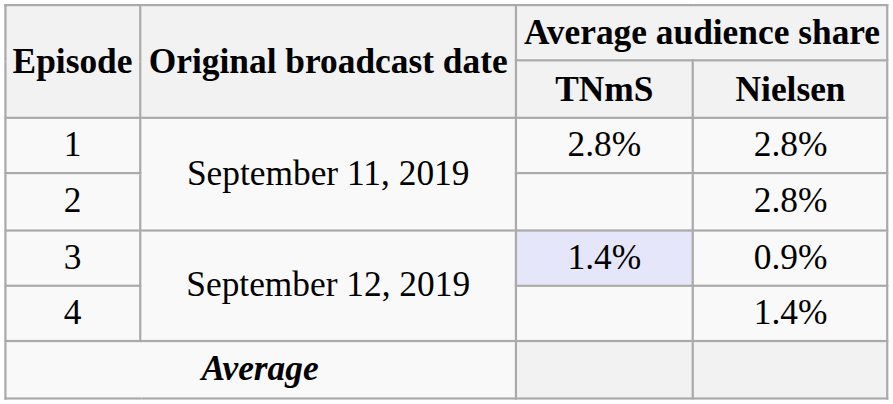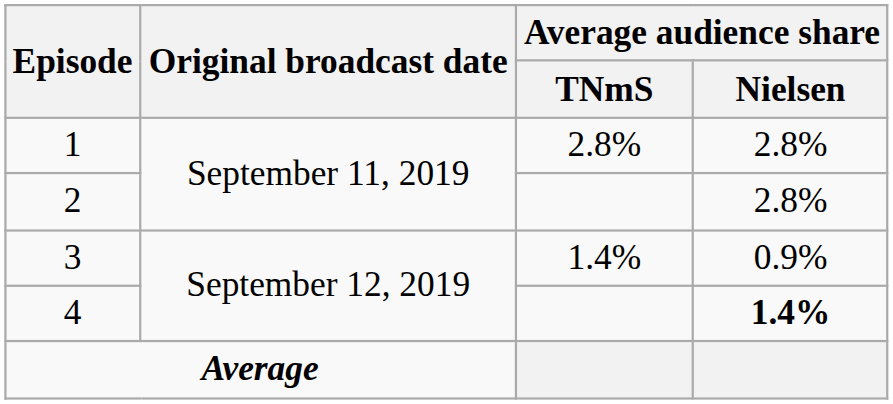 <table class="wikitable" style="text-align:center; margin-left: auto; margin-right: auto; border: none;">
 <tr>
 <th rowspan="2">Episode</th>
 <th rowspan="2">Original broadcast date</th>
 <th colspan="2">Average audience share</th>
 </tr>
 <tr>
 <th>TNmS</th>
 <th>Nielsen</th>
 </tr>
 <tr>
 <td>1</td>
 <td rowspan="2">September 11, 2019</td>
 <td>2.8%</td>
 <td>2.8%</td>
 </tr>
 <tr>
 <td>2</td>
 <td></td>
 <td>2.8%</td>
 </tr>
 <tr>
 <td>3</td>
 <td rowspan="2">September 12, 2019</td>
-<td style="background: lavender;">1.4%</td>
+<td>1.4%</td>
 <td>0.9%</td>
 </tr>
 <tr>
 <td>4</td>
 <td></td>
-<td>1.4%</td>
+<td><strong>1.4%</strong></td>
 </tr>
 <tr>
 <td colspan="2"><strong><em>Average</em></strong></td>
 <th></th>
 <th></th>
 </tr>
 <tr>
 </tr>
 </table>
